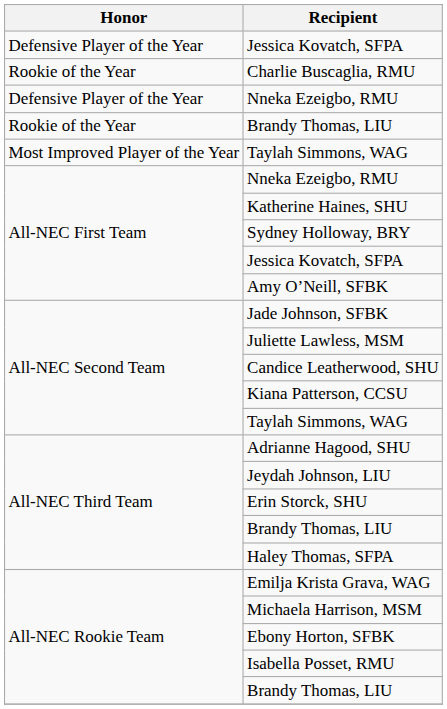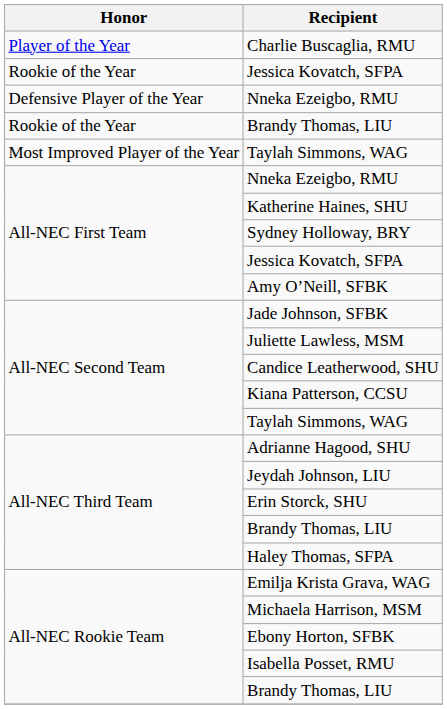 <table class="wikitable" border="1">
 <tr>
 <th>Honor</th>
 <th>Recipient</th>
 </tr>
 <tr>
-<td>Defensive Player of the Year</td>
-<td>Jessica Kovatch, SFPA</td>
+<td><a href='#'>Player of the Year</a></td>
+<td>Charlie Buscaglia, RMU</td>
 </tr>
 <tr>
 <td>Rookie of the Year</td>
-<td>Charlie Buscaglia, RMU</td>
+<td>Jessica Kovatch, SFPA</td>
 </tr>
 <tr>
 <td>Defensive Player of the Year</td>
 <td>Nneka Ezeigbo, RMU</td>
 </tr>
 <tr>
 <td>Rookie of the Year</td>
 <td>Brandy Thomas, LIU</td>
 </tr>
 <tr>
 <td>Most Improved Player of the Year</td>
 <td>Taylah Simmons, WAG</td>
 </tr>
 <tr>
 <td rowspan="5" valign="middle">All-NEC First Team</td>
 <td>Nneka Ezeigbo, RMU</td>
 </tr>
 <tr>
 <td>Katherine Haines, SHU</td>
 </tr>
 <tr>
 <td>Sydney Holloway, BRY</td>
 </tr>
 <tr>
 <td>Jessica Kovatch, SFPA</td>
 </tr>
 <tr>
 <td>Amy O’Neill, SFBK</td>
 </tr>
 <tr>
 <td rowspan="5" valign="middle">All-NEC Second Team</td>
 <td>Jade Johnson, SFBK</td>
 </tr>
 <tr>
 <td>Juliette Lawless, MSM</td>
 </tr>
 <tr>
 <td>Candice Leatherwood, SHU</td>
 </tr>
 <tr>
 <td>Kiana Patterson, CCSU</td>
 </tr>
 <tr>
 <td>Taylah Simmons, WAG</td>
 </tr>
 <tr>
 <td rowspan="5" valign="middle">All-NEC Third Team</td>
 <td>Adrianne Hagood, SHU</td>
 </tr>
 <tr>
 <td>Jeydah Johnson, LIU</td>
 </tr>
 <tr>
 <td>Erin Storck, SHU</td>
 </tr>
 <tr>
 <td>Brandy Thomas, LIU</td>
 </tr>
 <tr>
 <td>Haley Thomas, SFPA</td>
 </tr>
 <tr>
 <td rowspan="5" valign="middle">All-NEC Rookie Team</td>
 <td>Emilja Krista Grava, WAG</td>
 </tr>
 <tr>
 <td>Michaela Harrison, MSM</td>
 </tr>
 <tr>
 <td>Ebony Horton, SFBK</td>
 </tr>
 <tr>
 <td>Isabella Posset, RMU</td>
 </tr>
 <tr>
 <td>Brandy Thomas, LIU</td>
 </tr>
 <tr>
 </tr>
 </table>
